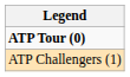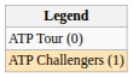 <table class=wikitable>
 <tr>
 <th>Legend</th>
 </tr>
 <tr bgcolor=>
-<td><strong>ATP Tour (0)</strong></td>
+<td>ATP Tour (0)</td>
 </tr>
 <tr bgcolor=moccasin>
 <td>ATP Challengers (1)</td>
 </tr>
 </table>
